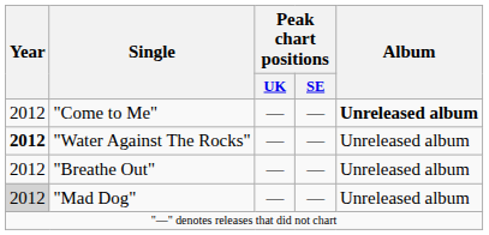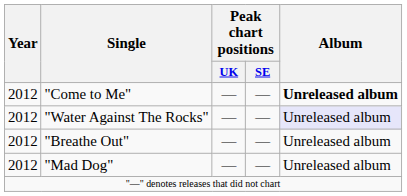 <table class="wikitable" style="text-align:center;">
 <tr>
 <th rowspan="2">Year</th>
 <th rowspan="2">Single</th>
 <th colspan="2">Peak chart positions</th>
 <th rowspan="2">Album</th>
 </tr>
 <tr style="font-size:smaller;">
 <th style="width:30px;"><a href='#'>UK</a></th>
 <th style="width:30px;"><a href='#'>SE</a></th>
 </tr>
 <tr>
 <td>2012</td>
 <td style="text-align:left;">"Come to Me"</td>
 <td>—</td>
 <td>—</td>
 <td style="text-align:left;"><strong>Unreleased album</strong></td>
 </tr>
 <tr>
-<td><strong>2012</strong></td>
+<td>2012</td>
 <td style="text-align:left;">"Water Against The Rocks"</td>
 <td>—</td>
 <td>—</td>
-<td style="text-align:left;">Unreleased album</td>
+<td style="background: lavender; text-align:left;">Unreleased album</td>
 </tr>
 <tr>
 <td>2012</td>
 <td style="text-align:left;">"Breathe Out"</td>
 <td>—</td>
 <td>—</td>
 <td style="text-align:left;">Unreleased album</td>
 </tr>
 <tr>
-<td style="background: lightgrey;">2012</td>
+<td>2012</td>
 <td style="text-align:left;">"Mad Dog"</td>
 <td>—</td>
 <td>—</td>
 <td style="text-align:left;">Unreleased album</td>
 </tr>
 <tr>
 <td colspan="20" style="font-size:8pt">"—" denotes releases that did not chart</td>
 </tr>
 </table>
